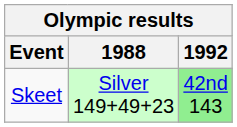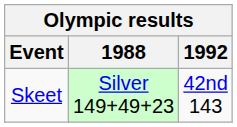 <table class="wikitable" style="text-align: center">
 <tr>
 <th colspan=3>Olympic results</th>
 </tr>
 <tr>
 <th>Event</th>
 <th>1988</th>
 <th>1992</th>
 </tr>
 <tr>
 <td><a href='#'>Skeet</a></td>
 <td style="background: #ccffcc"> <a href='#'>Silver</a><br>149+49+23</td>
-<td style="background: lightgreen;"><a href='#'>42nd</a><br>143</td>
+<td><a href='#'>42nd</a><br>143</td>
 </tr>
 </table>
